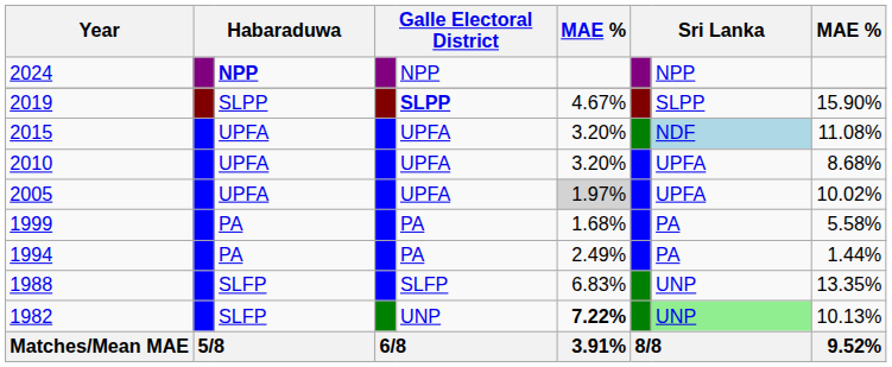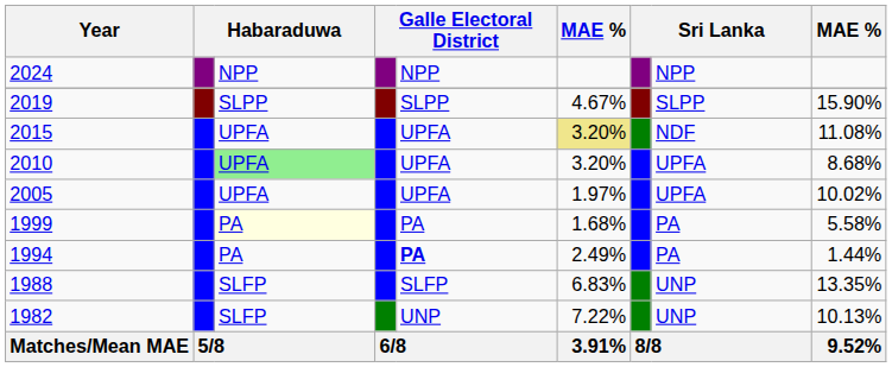 <table class="wikitable">
 <tr>
 <th>Year</th>
 <th colspan="2" width="144px">Habaraduwa</th>
 <th colspan="2" width="144px"><a href='#'>Galle Electoral District</a></th>
 <th><a href='#'>MAE</a> %</th>
 <th colspan="2" width="144px">Sri Lanka</th>
 <th>MAE %</th>
 </tr>
 <tr>
 <td><a href='#'>2024</a></td>
 <td style="background-color:purple;" width="10px"></td>
-<td style="text-align:left;"><strong><a href='#'>NPP</a></strong></td>
+<td style="text-align:left;"><a href='#'>NPP</a></td>
 <td style="background-color:purple;" width="10px"></td>
 <td style="text-align:left;"><a href='#'>NPP</a></td>
 <td style="text-align:right;"></td>
 <td style="background-color:purple;" width="10px"></td>
 <td style="text-align:left;"><a href='#'>NPP</a></td>
 <td style="text-align:right;"></td>
 </tr>
 <tr>
 </tr>
 <tr>
 <td><a href='#'>2019</a></td>
 <td style="background-color:maroon;" width="10px"></td>
 <td style="text-align:left;"><a href='#'>SLPP</a></td>
 <td style="background-color:maroon;" width="10px"></td>
-<td style="text-align:left;"><strong><a href='#'>SLPP</a></strong></td>
+<td style="text-align:left;"><a href='#'>SLPP</a></td>
 <td style="text-align:right;">4.67%</td>
 <td style="background-color:maroon;" width="10px"></td>
 <td style="text-align:left;"><a href='#'>SLPP</a></td>
 <td style="text-align:right;">15.90%</td>
 </tr>
 <tr>
 <td><a href='#'>2015</a></td>
 <td style="background-color:blue;" width="10px"></td>
 <td style="text-align:left;"><a href='#'>UPFA</a></td>
 <td style="background-color:blue;" width="10px"></td>
 <td style="text-align:left;"><a href='#'>UPFA</a></td>
-<td style="text-align:right;">3.20%</td>
+<td style="background: khaki; text-align:right;">3.20%</td>
 <td style="background-color:green;" width="10px"></td>
-<td style="background: lightblue; text-align:left;"><a href='#'>NDF</a></td>
+<td style="text-align:left;"><a href='#'>NDF</a></td>
 <td style="text-align:right;">11.08%</td>
 </tr>
 <tr>
 <td><a href='#'>2010</a></td>
 <td style="background-color:blue;" width="10px"></td>
-<td style="text-align:left;"><a href='#'>UPFA</a></td>
+<td style="background: lightgreen; text-align:left;"><a href='#'>UPFA</a></td>
 <td style="background-color:blue;" width="10px"></td>
 <td style="text-align:left;"><a href='#'>UPFA</a></td>
 <td style="text-align:right;">3.20%</td>
 <td style="background-color:blue;" width="10px"></td>
 <td style="text-align:left;"><a href='#'>UPFA</a></td>
 <td style="text-align:right;">8.68%</td>
 </tr>
 <tr>
 <td><a href='#'>2005</a></td>
 <td style="background-color:blue;" width="10px"></td>
 <td style="text-align:left;"><a href='#'>UPFA</a></td>
 <td style="background-color:blue;" width="10px"></td>
 <td style="text-align:left;"><a href='#'>UPFA</a></td>
-<td style="background: lightgrey; text-align:right;">1.97%</td>
+<td style="text-align:right;">1.97%</td>
 <td style="background-color:blue;" width="10px"></td>
 <td style="text-align:left;"><a href='#'>UPFA</a></td>
 <td style="text-align:right;">10.02%</td>
 </tr>
 <tr>
 <td><a href='#'>1999</a></td>
 <td style="background-color:blue;" width="10px"></td>
-<td style="text-align:left;"><a href='#'>PA</a></td>
+<td style="background: lightyellow; text-align:left;"><a href='#'>PA</a></td>
 <td style="background-color:blue;" width="10px"></td>
 <td style="text-align:left;"><a href='#'>PA</a></td>
 <td style="text-align:right;">1.68%</td>
 <td style="background-color:blue;" width="10px"></td>
 <td style="text-align:left;"><a href='#'>PA</a></td>
 <td style="text-align:right;">5.58%</td>
 </tr>
 <tr>
 <td><a href='#'>1994</a></td>
 <td style="background-color:blue;" width="10px"></td>
 <td style="text-align:left;"><a href='#'>PA</a></td>
 <td style="background-color:blue;" width="10px"></td>
-<td style="text-align:left;"><a href='#'>PA</a></td>
+<td style="text-align:left;"><strong><a href='#'>PA</a></strong></td>
 <td style="text-align:right;">2.49%</td>
 <td style="background-color:blue;" width="10px"></td>
 <td style="text-align:left;"><a href='#'>PA</a></td>
 <td style="text-align:right;">1.44%</td>
 </tr>
 <tr>
 <td><a href='#'>1988</a></td>
 <td style="background-color:blue;" width="10px"></td>
 <td style="text-align:left;"><a href='#'>SLFP</a></td>
 <td style="background-color:blue;" width="10px"></td>
 <td style="text-align:left;"><a href='#'>SLFP</a></td>
 <td style="text-align:right;">6.83%</td>
 <td style="background-color:green;" width="10px"></td>
 <td style="text-align:left;"><a href='#'>UNP</a></td>
 <td style="text-align:right;">13.35%</td>
 </tr>
 <tr>
 <td><a href='#'>1982</a></td>
 <td style="background-color:blue;" width="10px"></td>
 <td style="text-align:left;"><a href='#'>SLFP</a></td>
 <td style="background-color:green;" width="10px"></td>
 <td style="text-align:left;"><a href='#'>UNP</a></td>
-<td style="text-align:right;"><strong>7.22%</strong></td>
+<td style="text-align:right;">7.22%</td>
 <td style="background-color:green;" width="10px"></td>
-<td style="background: lightgreen; text-align:left;"><a href='#'>UNP</a></td>
+<td style="text-align:left;"><a href='#'>UNP</a></td>
 <td style="text-align:right;">10.13%</td>
 </tr>
 <tr>
 <th>Matches/Mean MAE</th>
 <th style="text-align:left;"colspan="2" width="144px">5/8</th>
 <th style="text-align:left;"colspan="2" width="144px">6/8</th>
 <th style="text-align:right;">3.91%</th>
 <th style="text-align:left;"colspan="2" width="144px">8/8</th>
 <th style="text-align:right;">9.52%</th>
 </tr>
 </table>
